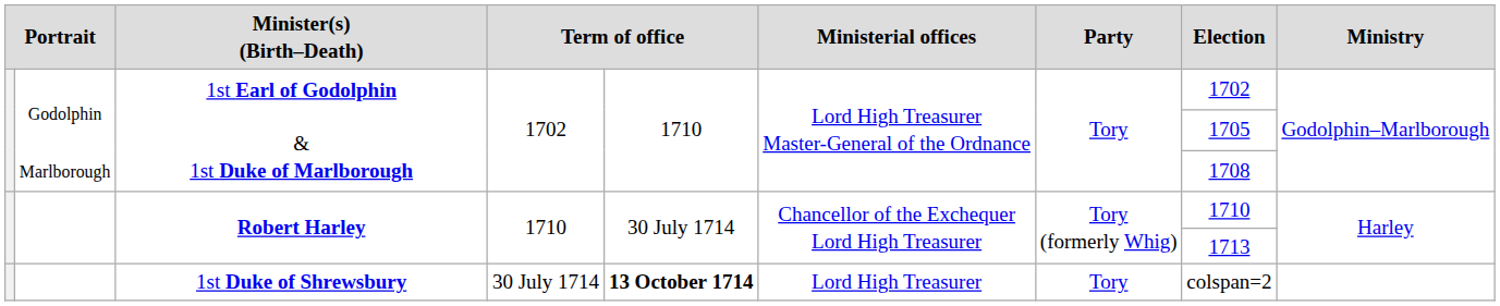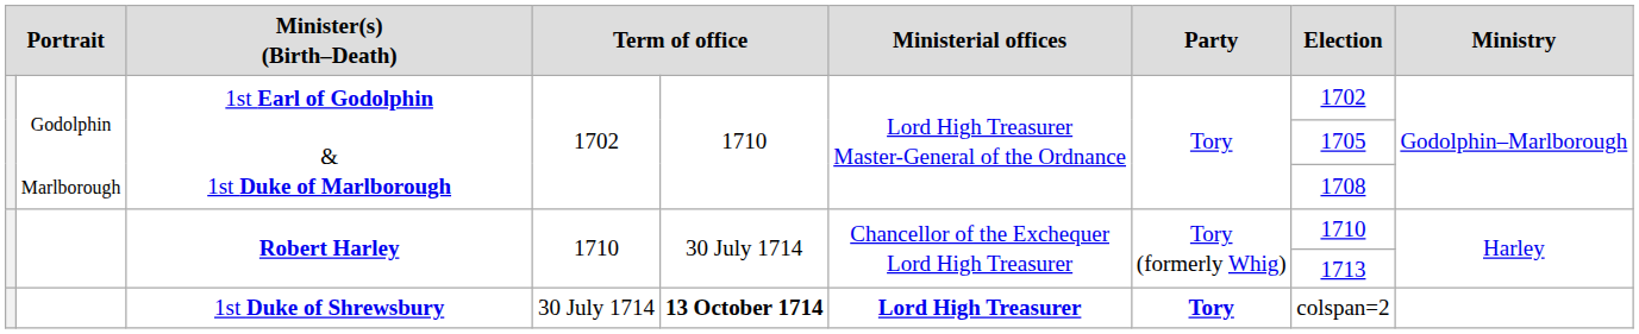 <table class="wikitable" style="background:white; text-align:center; font-size:95%; line-height:130%">
 <tr>
 <th style="background:#ddd" colspan=2>Portrait</th>
 <th style="background:#ddd" width=25%>Minister(s)<br>(Birth–Death)</th>
 <th style="background:#ddd" colspan=2>Term of office</th>
 <th style="background:#ddd">Ministerial offices</th>
 <th style="background:#ddd">Party</th>
 <th style="background:#ddd">Election</th>
 <th style="background:#ddd">Ministry</th>
 </tr>
 <tr>
 <th rowspan=3 style="background-color: "></th>
 <td rowspan=3><br><small>Godolphin</small><br><br><small>Marlborough</small></td>
 <td rowspan=3><a href='#'>1st <strong>Earl of Godolphin</strong></a><br><br>&<br><a href='#'>1st <strong>Duke of Marlborough</strong></a><br></td>
 <td rowspan=3>1702</td>
 <td rowspan=3>1710</td>
 <td rowspan=3><a href='#'>Lord High Treasurer</a><br><a href='#'>Master-General of the Ordnance</a></td>
 <td rowspan=3 ><a href='#'>Tory</a></td>
 <td><a href='#'>1702</a></td>
 <td rowspan=3 ><a href='#'>Godolphin–Marlborough</a></td>
 </tr>
 <tr>
 <td><a href='#'>1705</a></td>
 </tr>
 <tr>
 <td><a href='#'>1708</a></td>
 </tr>
 <tr>
 <th rowspan=2 style="background-color: "></th>
 <td rowspan=2></td>
 <td rowspan=2><a href='#'><strong>Robert Harley</strong></a><br></td>
 <td rowspan=2>1710</td>
 <td rowspan=2>30 July 1714</td>
 <td rowspan=2><a href='#'>Chancellor of the Exchequer</a> <br><a href='#'>Lord High Treasurer</a> </td>
 <td rowspan=2 ><a href='#'>Tory</a><br>(formerly <a href='#'>Whig</a>)</td>
 <td><a href='#'>1710</a></td>
 <td rowspan=2 ><a href='#'>Harley</a></td>
 </tr>
 <tr>
 <td><a href='#'>1713</a></td>
 </tr>
 <tr>
 <th style="background-color: "></th>
 <td></td>
 <td><a href='#'>1st <strong>Duke of Shrewsbury</strong></a><br></td>
 <td>30 July 1714</td>
 <td><strong>13 October 1714</strong></td>
-<td><a href='#'>Lord High Treasurer</a></td>
-<td><a href='#'>Tory</a></td>
+<td><strong><a href='#'>Lord High Treasurer</a></strong></td>
+<td><strong><a href='#'>Tory</a></strong></td>
 <td>colspan=2 </td>
 </tr>
 </table>
